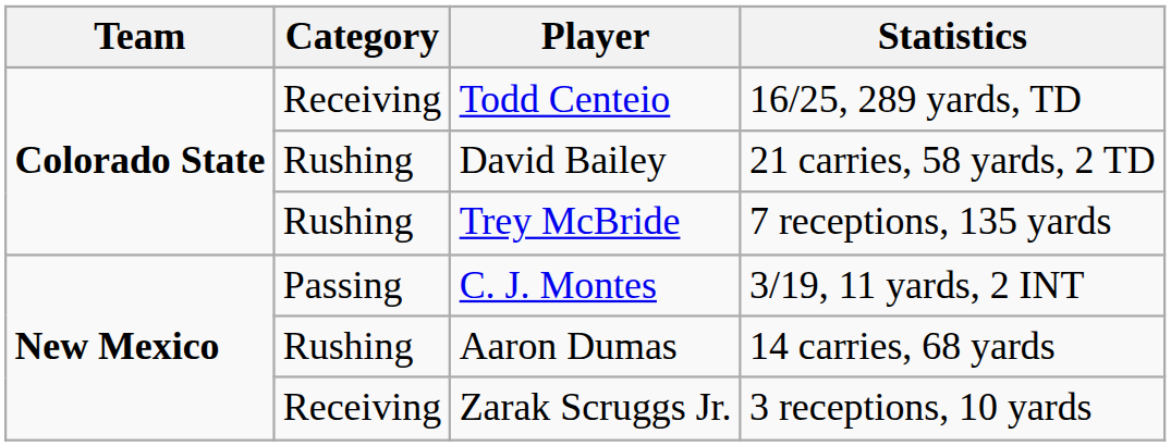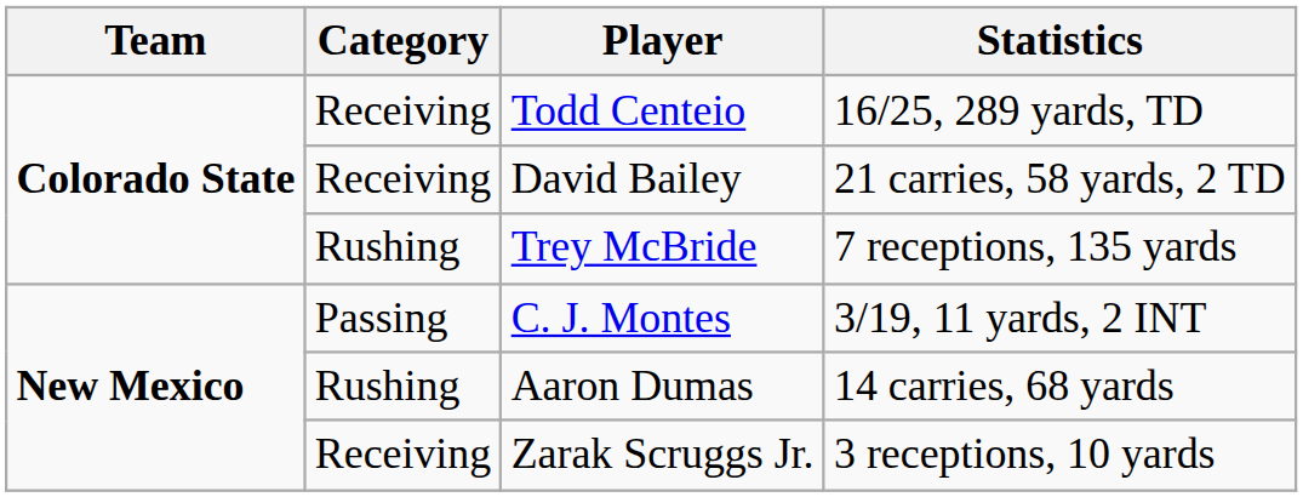 <table class="wikitable" style="float: left;">
 <tr>
 <th>Team</th>
 <th>Category</th>
 <th>Player</th>
 <th>Statistics</th>
 </tr>
 <tr>
 <td rowspan=3><strong>Colorado State</strong></td>
 <td>Receiving</td>
 <td><a href='#'>Todd Centeio</a></td>
 <td>16/25, 289 yards, TD</td>
 </tr>
 <tr>
-<td>Rushing</td>
+<td>Receiving</td>
 <td>David Bailey</td>
 <td>21 carries, 58 yards, 2 TD</td>
 </tr>
 <tr>
 <td>Rushing</td>
 <td><a href='#'>Trey McBride</a></td>
 <td>7 receptions, 135 yards</td>
 </tr>
 <tr>
 <td rowspan=3><strong>New Mexico</strong></td>
 <td>Passing</td>
 <td><a href='#'>C. J. Montes</a></td>
 <td>3/19, 11 yards, 2 INT</td>
 </tr>
 <tr>
 <td>Rushing</td>
 <td>Aaron Dumas</td>
 <td>14 carries, 68 yards</td>
 </tr>
 <tr>
 <td>Receiving</td>
 <td>Zarak Scruggs Jr.</td>
 <td>3 receptions, 10 yards</td>
 </tr>
 </table>
